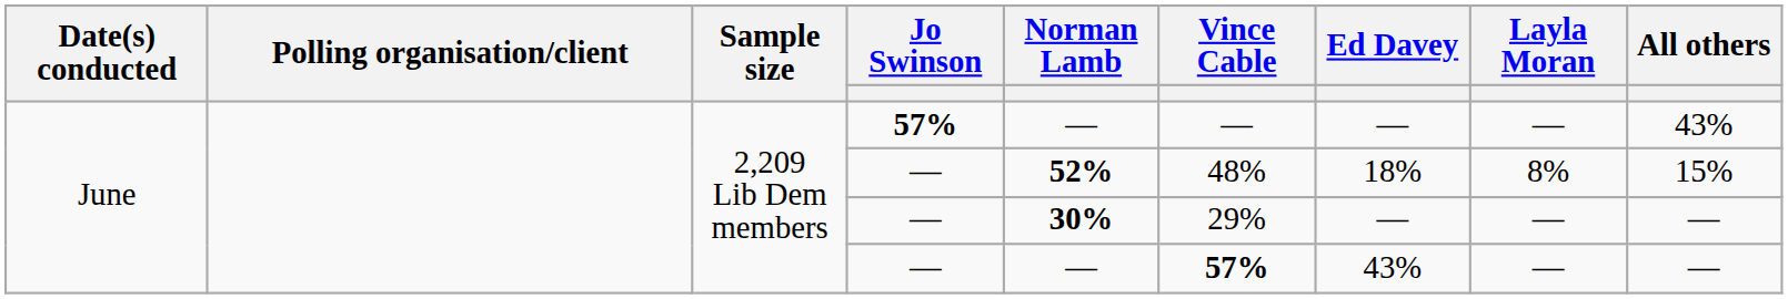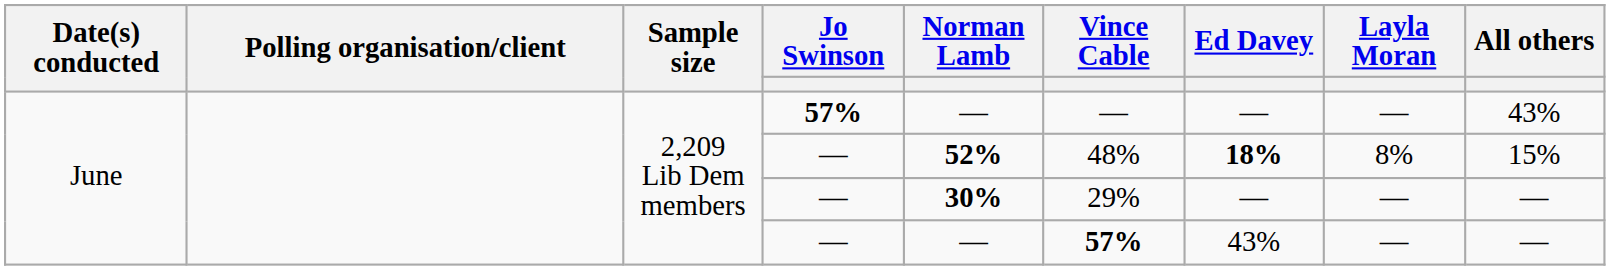 <table class="wikitable collapsible " style="text-align:center;font-size:85%;line-height:14px">
 <tr>
 <th style="width:80px;" rowspan="2">Date(s)<br>conducted</th>
 <th style="width:200px;" rowspan="2">Polling organisation/client</th>
 <th style="width:60px;" rowspan="2">Sample size</th>
 <th style="width:60px;" class="unsortable"><a href='#'>Jo <br> Swinson</a></th>
 <th style="width:60px;" class="unsortable"><a href='#'>Norman Lamb</a></th>
 <th style="width:60px;" class="unsortable"><a href='#'>Vince <br> Cable</a></th>
 <th style="width:60px;" class="unsortable"><a href='#'>Ed Davey</a></th>
 <th style="width:60px;" class="unsortable"><a href='#'>Layla <br> Moran</a></th>
 <th style="width:60px;" class="unsortable">All others</th>
 </tr>
 <tr>
 <th class="unsortable" style="color:inherit;background:"></th>
 <th class="unsortable" style="color:inherit;background:"></th>
 <th class="unsortable" style="color:inherit;background:"></th>
 <th class="unsortable" style="color:inherit;background:"></th>
 <th class="unsortable" style="color:inherit;background:"></th>
 <th class="unsortable" style="color:inherit;background:"></th>
 </tr>
 <tr>
 <td rowspan="4">June</td>
 <td rowspan="4"></td>
 <td rowspan="4">2,209 <br> Lib Dem members</td>
 <td><strong>57%</strong></td>
 <td>—</td>
 <td>—</td>
 <td>—</td>
 <td>—</td>
 <td>43%</td>
 </tr>
 <tr>
 <td>—</td>
 <td><strong>52%</strong></td>
 <td>48%</td>
-<td>18%</td>
+<td><strong>18%</strong></td>
 <td>8%</td>
 <td>15%</td>
 </tr>
 <tr>
 <td>—</td>
 <td><strong>30%</strong></td>
 <td>29%</td>
 <td>—</td>
 <td>—</td>
 <td>—</td>
 </tr>
 <tr>
 <td>—</td>
 <td>—</td>
 <td><strong>57%</strong></td>
 <td>43%</td>
 <td>—</td>
 <td>—</td>
 </tr>
 </table>
